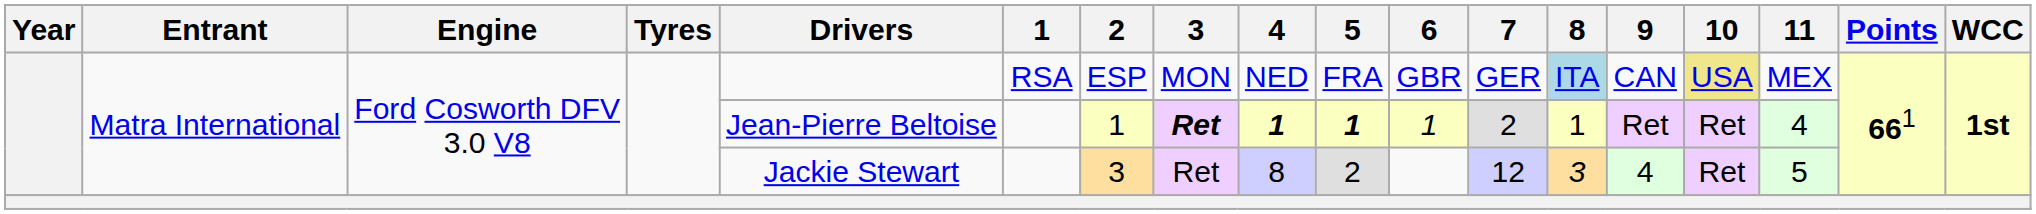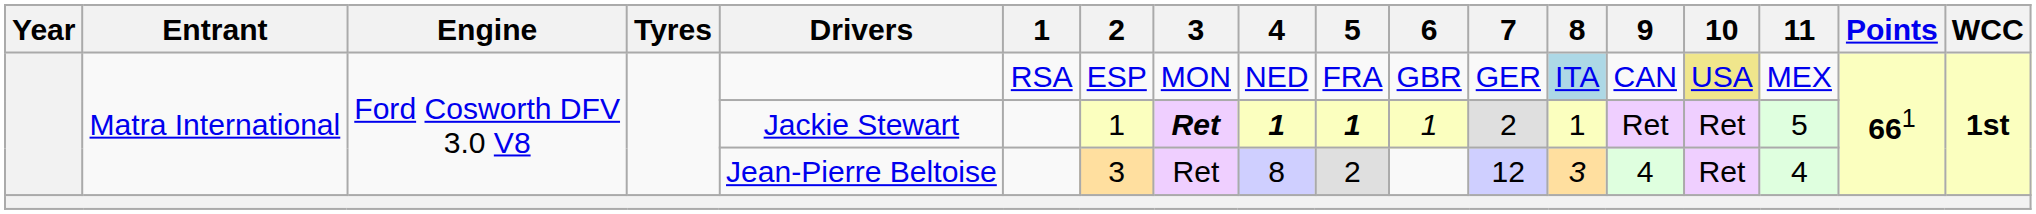 <table class="wikitable" style="text-align:center; font-size:95%">
 <tr>
 <th>Year</th>
 <th>Entrant</th>
 <th>Engine</th>
 <th>Tyres</th>
 <th>Drivers</th>
 <th>1</th>
 <th>2</th>
 <th>3</th>
 <th>4</th>
 <th>5</th>
 <th>6</th>
 <th>7</th>
 <th>8</th>
 <th>9</th>
 <th>10</th>
 <th>11</th>
 <th><a href='#'>Points</a></th>
 <th>WCC</th>
 </tr>
 <tr>
 <th rowspan=3></th>
 <td rowspan=3><a href='#'>Matra International</a></td>
 <td rowspan=3><a href='#'>Ford</a> <a href='#'>Cosworth DFV</a> <br>3.0 <a href='#'>V8</a></td>
 <td rowspan=3></td>
 <td></td>
 <td><a href='#'>RSA</a></td>
 <td><a href='#'>ESP</a></td>
 <td><a href='#'>MON</a></td>
 <td><a href='#'>NED</a></td>
 <td><a href='#'>FRA</a></td>
 <td><a href='#'>GBR</a></td>
 <td><a href='#'>GER</a></td>
 <td style="background: lightblue;"><a href='#'>ITA</a></td>
 <td><a href='#'>CAN</a></td>
 <td style="background: khaki;"><a href='#'>USA</a></td>
 <td><a href='#'>MEX</a></td>
 <td rowspan="3" style="background:#fbffbf;"><strong>66</strong><sup>1</sup></td>
 <td rowspan="3" style="background:#fbffbf;"><strong>1st</strong></td>
 </tr>
 <tr>
-<td><a href='#'>Jean-Pierre Beltoise</a></td>
+<td><a href='#'>Jackie Stewart</a></td>
 <td></td>
 <td style="background:#fbffbf;">1</td>
 <td style="background:#efcfff;"><strong><em>Ret</em></strong></td>
 <td style="background:#fbffbf;"><strong><em>1</em></strong></td>
 <td style="background:#fbffbf;"><strong><em>1</em></strong></td>
 <td style="background:#fbffbf;"><em>1</em></td>
 <td style="background:#dfdfdf;">2</td>
 <td style="background:#fbffbf;">1</td>
 <td style="background:#efcfff;">Ret</td>
 <td style="background:#efcfff;">Ret</td>
-<td style="background:#dfffdf;">4</td>
+<td style="background:#dfffdf;">5</td>
 </tr>
 <tr>
-<td><a href='#'>Jackie Stewart</a></td>
+<td><a href='#'>Jean-Pierre Beltoise</a></td>
 <td></td>
 <td style="background:#ffdf9f;">3</td>
 <td style="background:#efcfff;">Ret</td>
 <td style="background:#cfcfff;">8</td>
 <td style="background:#dfdfdf;">2</td>
 <td></td>
 <td style="background:#cfcfff;">12</td>
 <td style="background:#ffdf9f;"><em>3</em></td>
 <td style="background:#dfffdf;">4</td>
 <td style="background:#efcfff;">Ret</td>
-<td style="background:#dfffdf;">5</td>
+<td style="background:#dfffdf;">4</td>
 </tr>
 <tr>
 <th colspan="18"></th>
 </tr>
 </table>
